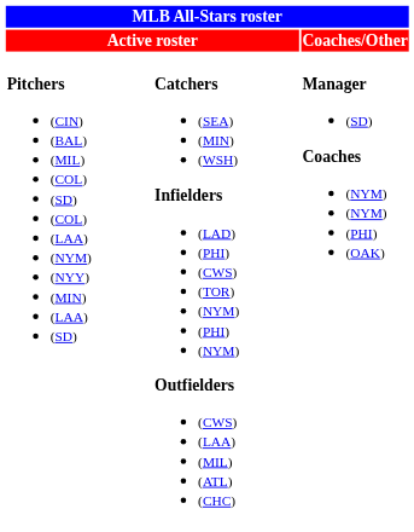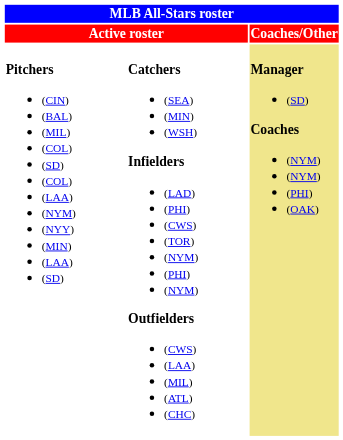 <table class="toccolours" style="font-size: 95%;">
 <tr>
 <th colspan="10" style="background-color: #0000FF; color: #FFFFFF; text-align: center;">MLB All-Stars roster</th>
 </tr>
 <tr>
 <td colspan="4" style="background-color: #FF0000; color: #FFFFFF; text-align: center;"><strong>Active roster</strong></td>
 <td colspan="1" style="background-color: #FF0000; color: #FFFFFF; text-align: center;"><strong>Coaches/Other</strong></td>
 </tr>
 <tr>
 <td style="vertical-align:top;"><br><strong>Pitchers</strong><br><ul><li> <small>(<a href='#'>CIN</a>)</small></li><li> <small>(<a href='#'>BAL</a>)</small></li><li> <small>(<a href='#'>MIL</a>)</small></li><li> <small>(<a href='#'>COL</a>)</small></li><li> <small>(<a href='#'>SD</a>)</small></li><li> <small>(<a href='#'>COL</a>)</small></li><li> <small>(<a href='#'>LAA</a>)</small></li><li> <small>(<a href='#'>NYM</a>)</small></li><li> <small>(<a href='#'>NYY</a>)</small></li><li> <small>(<a href='#'>MIN</a>)</small></li><li> <small>(<a href='#'>LAA</a>)</small></li><li> <small>(<a href='#'>SD</a>)</small></li></ul></td>
 <td width="50"> </td>
 <td style="vertical-align:top;"><br><strong>Catchers</strong><br><ul><li> <small>(<a href='#'>SEA</a>)</small></li><li> <small>(<a href='#'>MIN</a>)</small></li><li> <small>(<a href='#'>WSH</a>)</small></li></ul><strong>Infielders</strong><br><ul><li> <small>(<a href='#'>LAD</a>)</small></li><li> <small>(<a href='#'>PHI</a>)</small></li><li> <small>(<a href='#'>CWS</a>)</small></li><li> <small>(<a href='#'>TOR</a>)</small></li><li> <small>(<a href='#'>NYM</a>)</small></li><li> <small>(<a href='#'>PHI</a>)</small></li><li> <small>(<a href='#'>NYM</a>)</small></li></ul><strong>Outfielders</strong><br><ul><li> <small>(<a href='#'>CWS</a>)</small></li><li> <small>(<a href='#'>LAA</a>)</small></li><li> <small>(<a href='#'>MIL</a>)</small></li><li> <small>(<a href='#'>ATL</a>)</small></li><li> <small>(<a href='#'>CHC</a>)</small></li></ul></td>
 <td width="50"> </td>
-<td style="vertical-align:top;"><br><strong>Manager</strong><br><ul><li> <small>(<a href='#'>SD</a>)</small></li></ul><strong>Coaches</strong><br><ul><li> <small>(<a href='#'>NYM</a>)</small></li><li> <small>(<a href='#'>NYM</a>)</small></li><li> <small>(<a href='#'>PHI</a>)</small></li><li> <small>(<a href='#'>OAK</a>)</small></li></ul></td>
+<td style="background: khaki; vertical-align:top;"><br><strong>Manager</strong><br><ul><li> <small>(<a href='#'>SD</a>)</small></li></ul><strong>Coaches</strong><br><ul><li> <small>(<a href='#'>NYM</a>)</small></li><li> <small>(<a href='#'>NYM</a>)</small></li><li> <small>(<a href='#'>PHI</a>)</small></li><li> <small>(<a href='#'>OAK</a>)</small></li></ul></td>
 </tr>
 </table>
